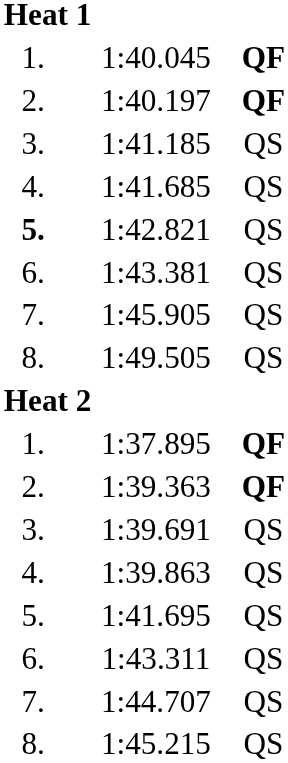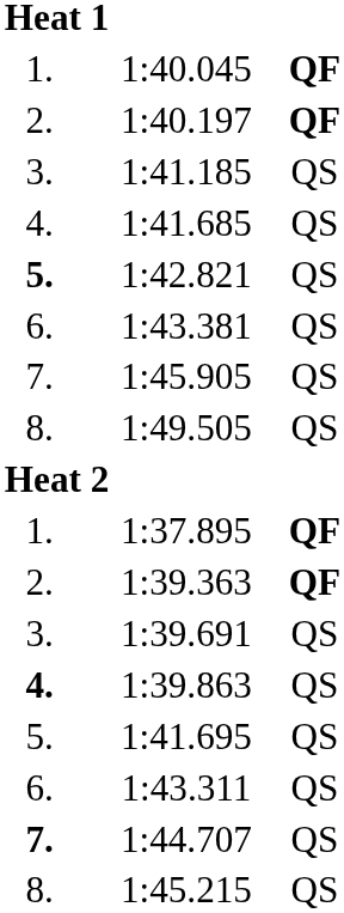 <table style="text-align:center">
 <tr>
 <td colspan=4 align=left><strong>Heat 1</strong></td>
 </tr>
 <tr>
 <td width=30>1.</td>
 <td align=left></td>
 <td width=80>1:40.045</td>
 <td><strong>QF</strong></td>
 </tr>
 <tr>
 <td>2.</td>
 <td align=left></td>
 <td>1:40.197</td>
 <td><strong>QF</strong></td>
 </tr>
 <tr>
 <td>3.</td>
 <td align=left></td>
 <td>1:41.185</td>
 <td>QS</td>
 </tr>
 <tr>
 <td>4.</td>
 <td align=left></td>
 <td>1:41.685</td>
 <td>QS</td>
 </tr>
 <tr>
 <td><strong>5.</strong></td>
 <td align=left></td>
 <td>1:42.821</td>
 <td>QS</td>
 </tr>
 <tr>
 <td>6.</td>
 <td align=left></td>
 <td>1:43.381</td>
 <td>QS</td>
 </tr>
 <tr>
 <td>7.</td>
 <td align=left></td>
 <td>1:45.905</td>
 <td>QS</td>
 </tr>
 <tr>
 <td>8.</td>
 <td align=left></td>
 <td>1:49.505</td>
 <td>QS</td>
 </tr>
 <tr>
 <td colspan=4 align=left><strong>Heat 2</strong></td>
 </tr>
 <tr>
 <td>1.</td>
 <td align=left></td>
 <td>1:37.895</td>
 <td><strong>QF</strong></td>
 </tr>
 <tr>
 <td>2.</td>
 <td align=left></td>
 <td>1:39.363</td>
 <td><strong>QF</strong></td>
 </tr>
 <tr>
 <td>3.</td>
 <td align=left></td>
 <td>1:39.691</td>
 <td>QS</td>
 </tr>
 <tr>
-<td>4.</td>
+<td><strong>4.</strong></td>
 <td align=left></td>
 <td>1:39.863</td>
 <td>QS</td>
 </tr>
 <tr>
 <td>5.</td>
 <td align=left></td>
 <td>1:41.695</td>
 <td>QS</td>
 </tr>
 <tr>
 <td>6.</td>
 <td align=left></td>
 <td>1:43.311</td>
 <td>QS</td>
 </tr>
 <tr>
-<td>7.</td>
+<td><strong>7.</strong></td>
 <td align=left></td>
 <td>1:44.707</td>
 <td>QS</td>
 </tr>
 <tr>
 <td>8.</td>
 <td align=left></td>
 <td>1:45.215</td>
 <td>QS</td>
 </tr>
 </table>
